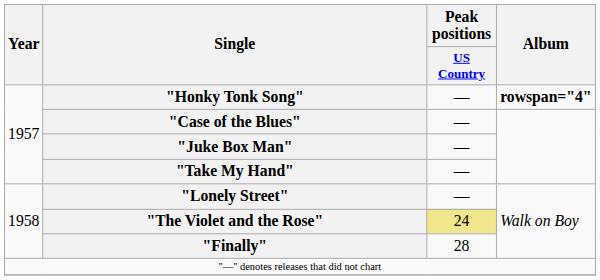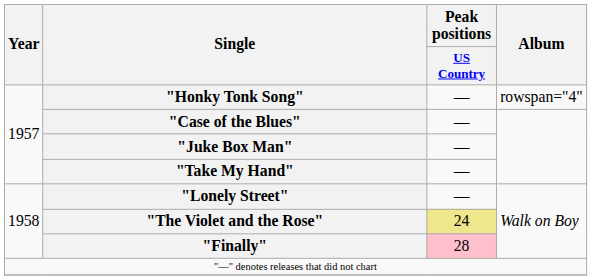 <table class="wikitable plainrowheaders" style="text-align:center;">
 <tr>
 <th rowspan="2">Year</th>
 <th rowspan="2" style="width:24em;">Single</th>
 <th colspan="1">Peak positions</th>
 <th rowspan="2">Album</th>
 </tr>
 <tr style="font-size:smaller;">
 <th width="65"><a href='#'>US Country</a><br></th>
 </tr>
 <tr>
 <td rowspan="4">1957</td>
 <th scope="row">"Honky Tonk Song"</th>
 <td>—</td>
-<td><strong>rowspan="4" </strong></td>
+<td>rowspan="4" </td>
 </tr>
 <tr>
 <th scope="row">"Case of the Blues"</th>
 <td>—</td>
 </tr>
 <tr>
 <th scope="row">"Juke Box Man"</th>
 <td>—</td>
 </tr>
 <tr>
 <th scope="row">"Take My Hand"</th>
 <td>—</td>
 </tr>
 <tr>
 <td rowspan="3">1958</td>
 <th scope="row">"Lonely Street"</th>
 <td>—</td>
 <td align="left" rowspan="3"><em>Walk on Boy</em></td>
 </tr>
 <tr>
 <th scope="row">"The Violet and the Rose"</th>
 <td style="background: khaki;">24</td>
 </tr>
 <tr>
 <th scope="row">"Finally"</th>
-<td>28</td>
+<td style="background: pink;">28</td>
 </tr>
 <tr>
 <td colspan="4" style="font-size:8pt">"—" denotes releases that did not chart</td>
 </tr>
 <tr>
 </tr>
 </table>
